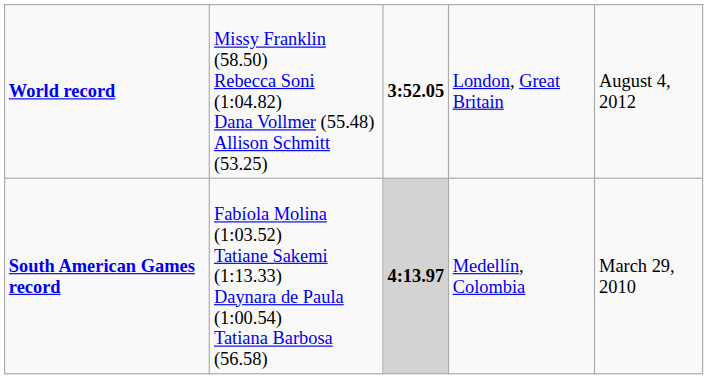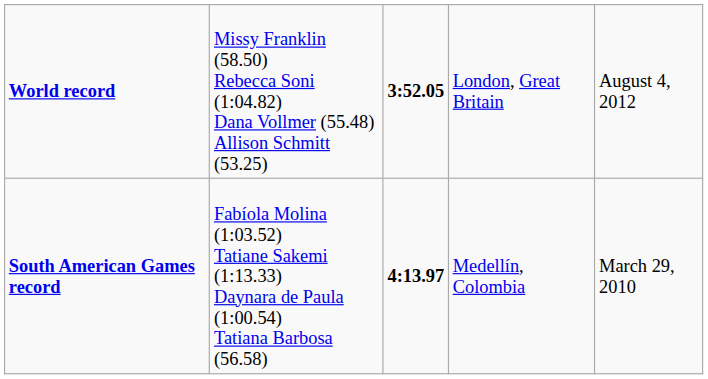 <table class="wikitable">
 <tr>
 <td><strong><a href='#'>World record</a></strong></td>
 <td><br><a href='#'>Missy Franklin</a> (58.50)<br><a href='#'>Rebecca Soni</a> (1:04.82)<br><a href='#'>Dana Vollmer</a> (55.48)<br><a href='#'>Allison Schmitt</a> (53.25)</td>
 <td><strong>3:52.05</strong></td>
 <td><a href='#'>London</a>, <a href='#'>Great Britain</a></td>
 <td>August 4, 2012</td>
 </tr>
 <tr>
 <td><strong><a href='#'>South American Games record</a></strong></td>
 <td><br><a href='#'>Fabíola Molina</a> (1:03.52)<br><a href='#'>Tatiane Sakemi</a> (1:13.33)<br><a href='#'>Daynara de Paula</a> (1:00.54)<br><a href='#'>Tatiana Barbosa</a> (56.58)</td>
-<td style="background: lightgrey;"><strong>4:13.97</strong></td>
+<td><strong>4:13.97</strong></td>
 <td><a href='#'>Medellín</a>, <a href='#'>Colombia</a></td>
 <td>March 29, 2010</td>
 </tr>
 </table>
